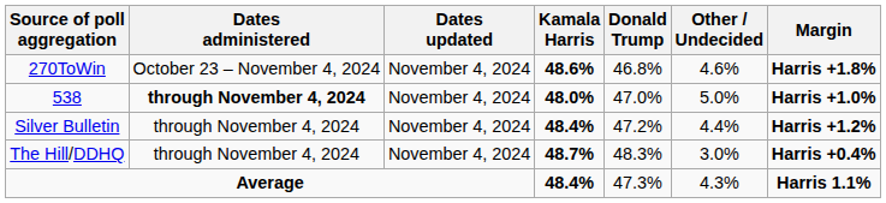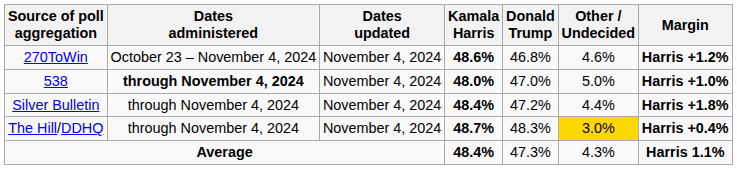 <table class="wikitable sortable" style="text-align:center;font-size:90%;line-height:17px">
 <tr>
 <th>Source of poll<br>aggregation</th>
 <th>Dates<br>administered</th>
 <th>Dates<br>updated</th>
 <th class="unsortable">Kamala<br>Harris<br><small></small></th>
 <th class="unsortable">Donald<br>Trump<br><small></small></th>
 <th>Other /<br>Undecided<br></th>
 <th>Margin</th>
 </tr>
 <tr>
 <td><a href='#'>270ToWin</a></td>
 <td>October 23 – November 4, 2024</td>
 <td>November 4, 2024</td>
 <td style="color:black;background-color:"><strong>48.6%</strong></td>
 <td>46.8%</td>
 <td>4.6%</td>
-<td style="color:black;background-color:"><strong>Harris +1.8%</strong></td>
+<td style="color:black;background-color:"><strong>Harris +1.2%</strong></td>
 </tr>
 <tr>
 <td><a href='#'>538</a></td>
 <td><strong>through November 4, 2024</strong></td>
 <td>November 4, 2024</td>
 <td style="color:black;background-color:"><strong>48.0%</strong></td>
 <td>47.0%</td>
 <td>5.0%</td>
 <td style="color:black;background-color:"><strong>Harris +1.0%</strong></td>
 </tr>
 <tr>
 <td><a href='#'>Silver Bulletin</a></td>
 <td>through November 4, 2024</td>
 <td>November 4, 2024</td>
 <td style="color:black;background-color:"><strong>48.4%</strong></td>
 <td>47.2%</td>
 <td>4.4%</td>
-<td style="color:black;background-color:"><strong>Harris +1.2%</strong></td>
+<td style="color:black;background-color:"><strong>Harris +1.8%</strong></td>
 </tr>
 <tr>
 <td><a href='#'>The Hill</a>/<a href='#'>DDHQ</a></td>
 <td>through November 4, 2024</td>
 <td>November 4, 2024</td>
 <td style="color:black;background-color:"><strong>48.7%</strong></td>
 <td>48.3%</td>
-<td>3.0%</td>
+<td style="background: gold;">3.0%</td>
 <td style="color:black;background-color:"><strong>Harris +0.4%</strong></td>
 </tr>
 <tr>
 <td colspan="3"><strong>Average</strong></td>
 <td style="color:black;background-color:"><strong>48.4%</strong></td>
 <td>47.3%</td>
 <td>4.3%</td>
 <td style="color:black;background-color:"><strong>Harris 1.1%</strong></td>
 </tr>
 </table>
